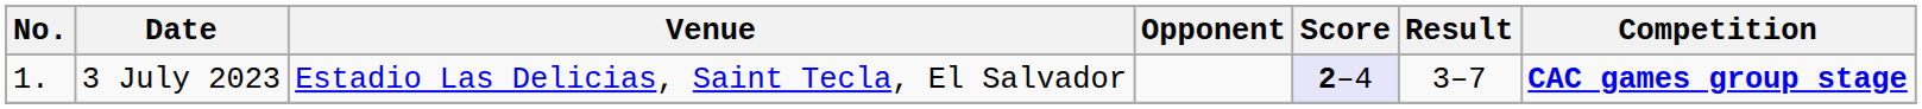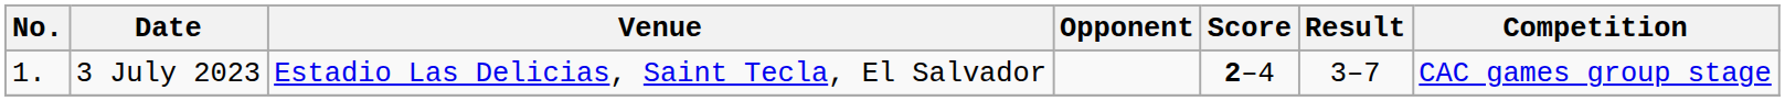 <table class="wikitable sortable">
 <tr>
 <th scope="col">No.</th>
 <th scope="col">Date</th>
 <th scope="col">Venue</th>
 <th scope="col">Opponent</th>
 <th scope="col">Score</th>
 <th scope="col">Result</th>
 <th scope="col">Competition</th>
 </tr>
 <tr>
 <td>1.</td>
 <td>3 July 2023</td>
 <td><a href='#'>Estadio Las Delicias</a>, <a href='#'>Saint Tecla</a>, El Salvador</td>
 <td></td>
-<td align=center style="background: lavender;"><strong>2</strong>–4</td>
+<td align=center><strong>2</strong>–4</td>
 <td align=center>3–7</td>
-<td><strong><a href='#'>CAC games group stage</a></strong></td>
+<td><a href='#'>CAC games group stage</a></td>
 </tr>
 <tr>
 </tr>
 </table>
